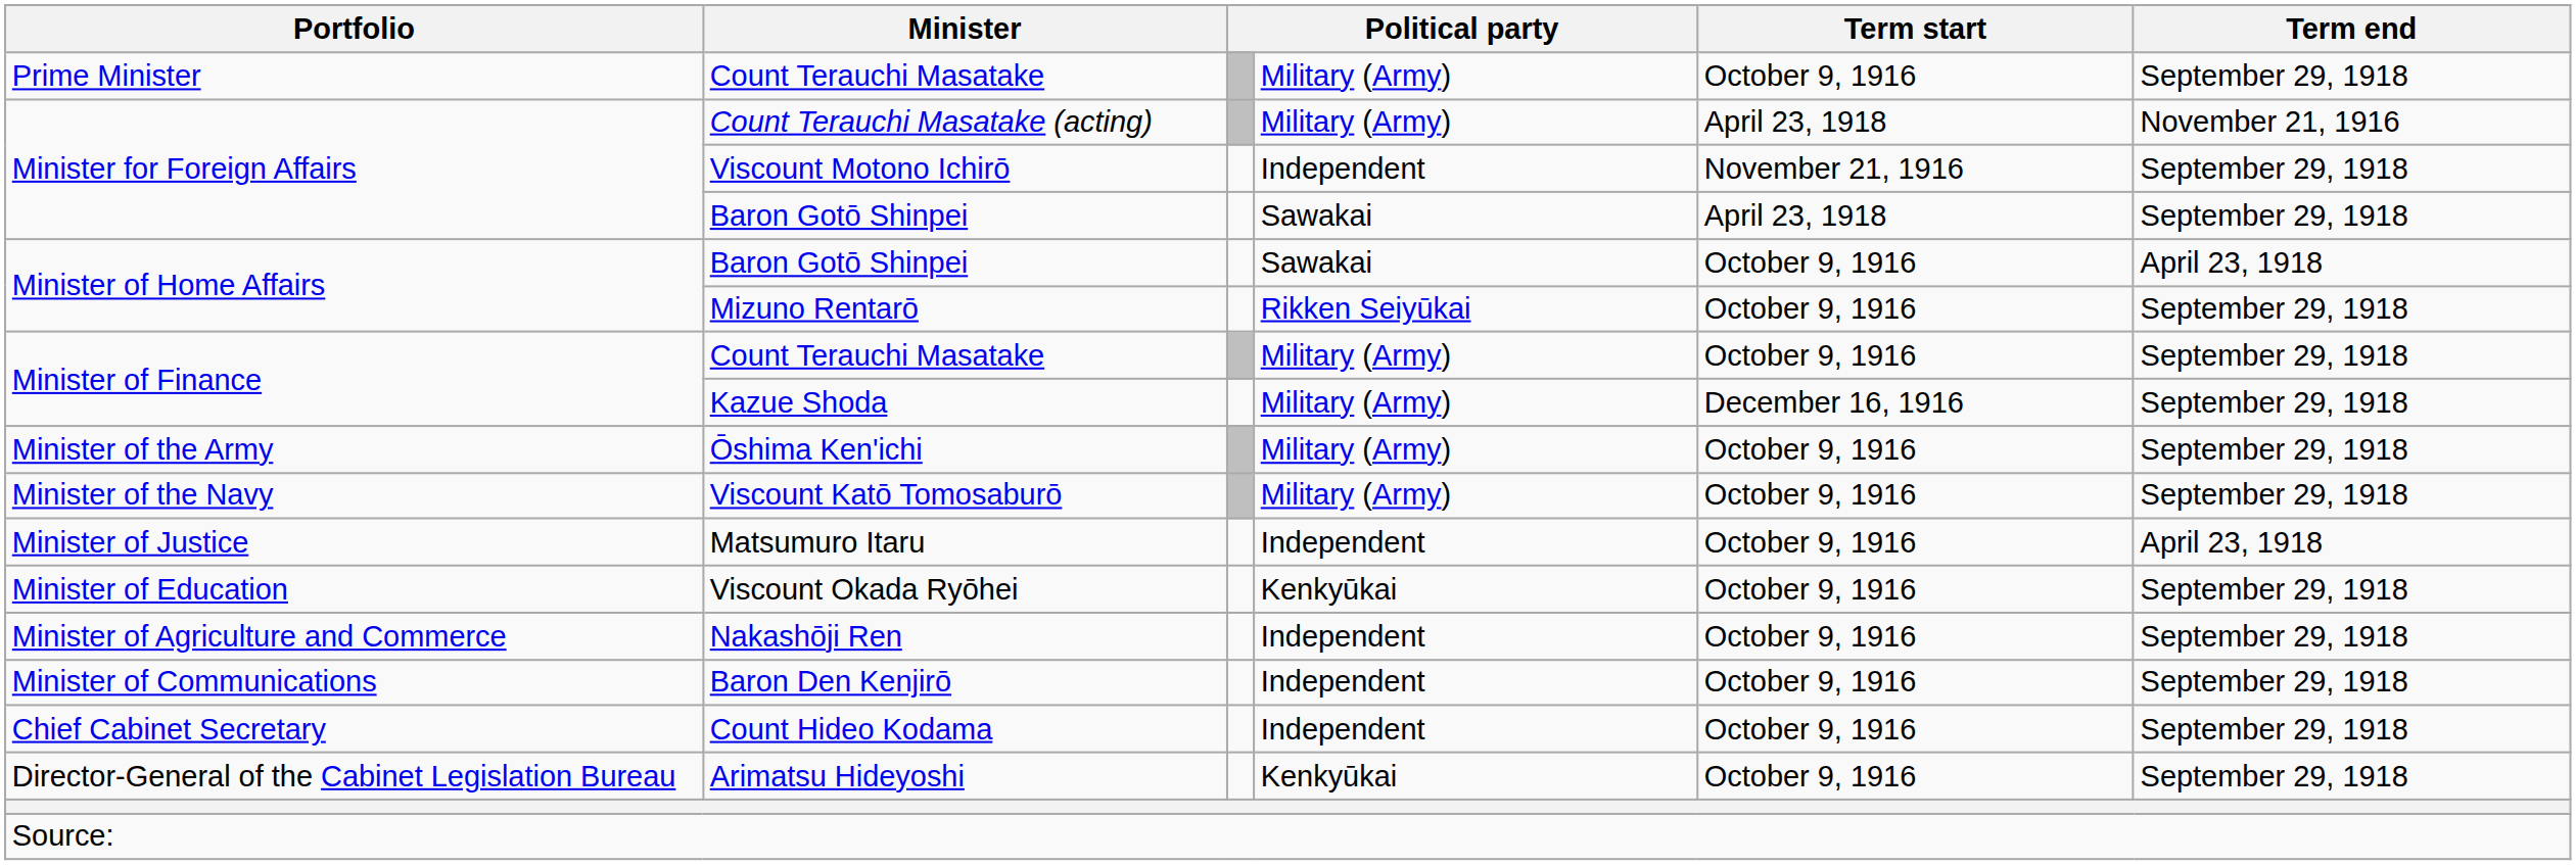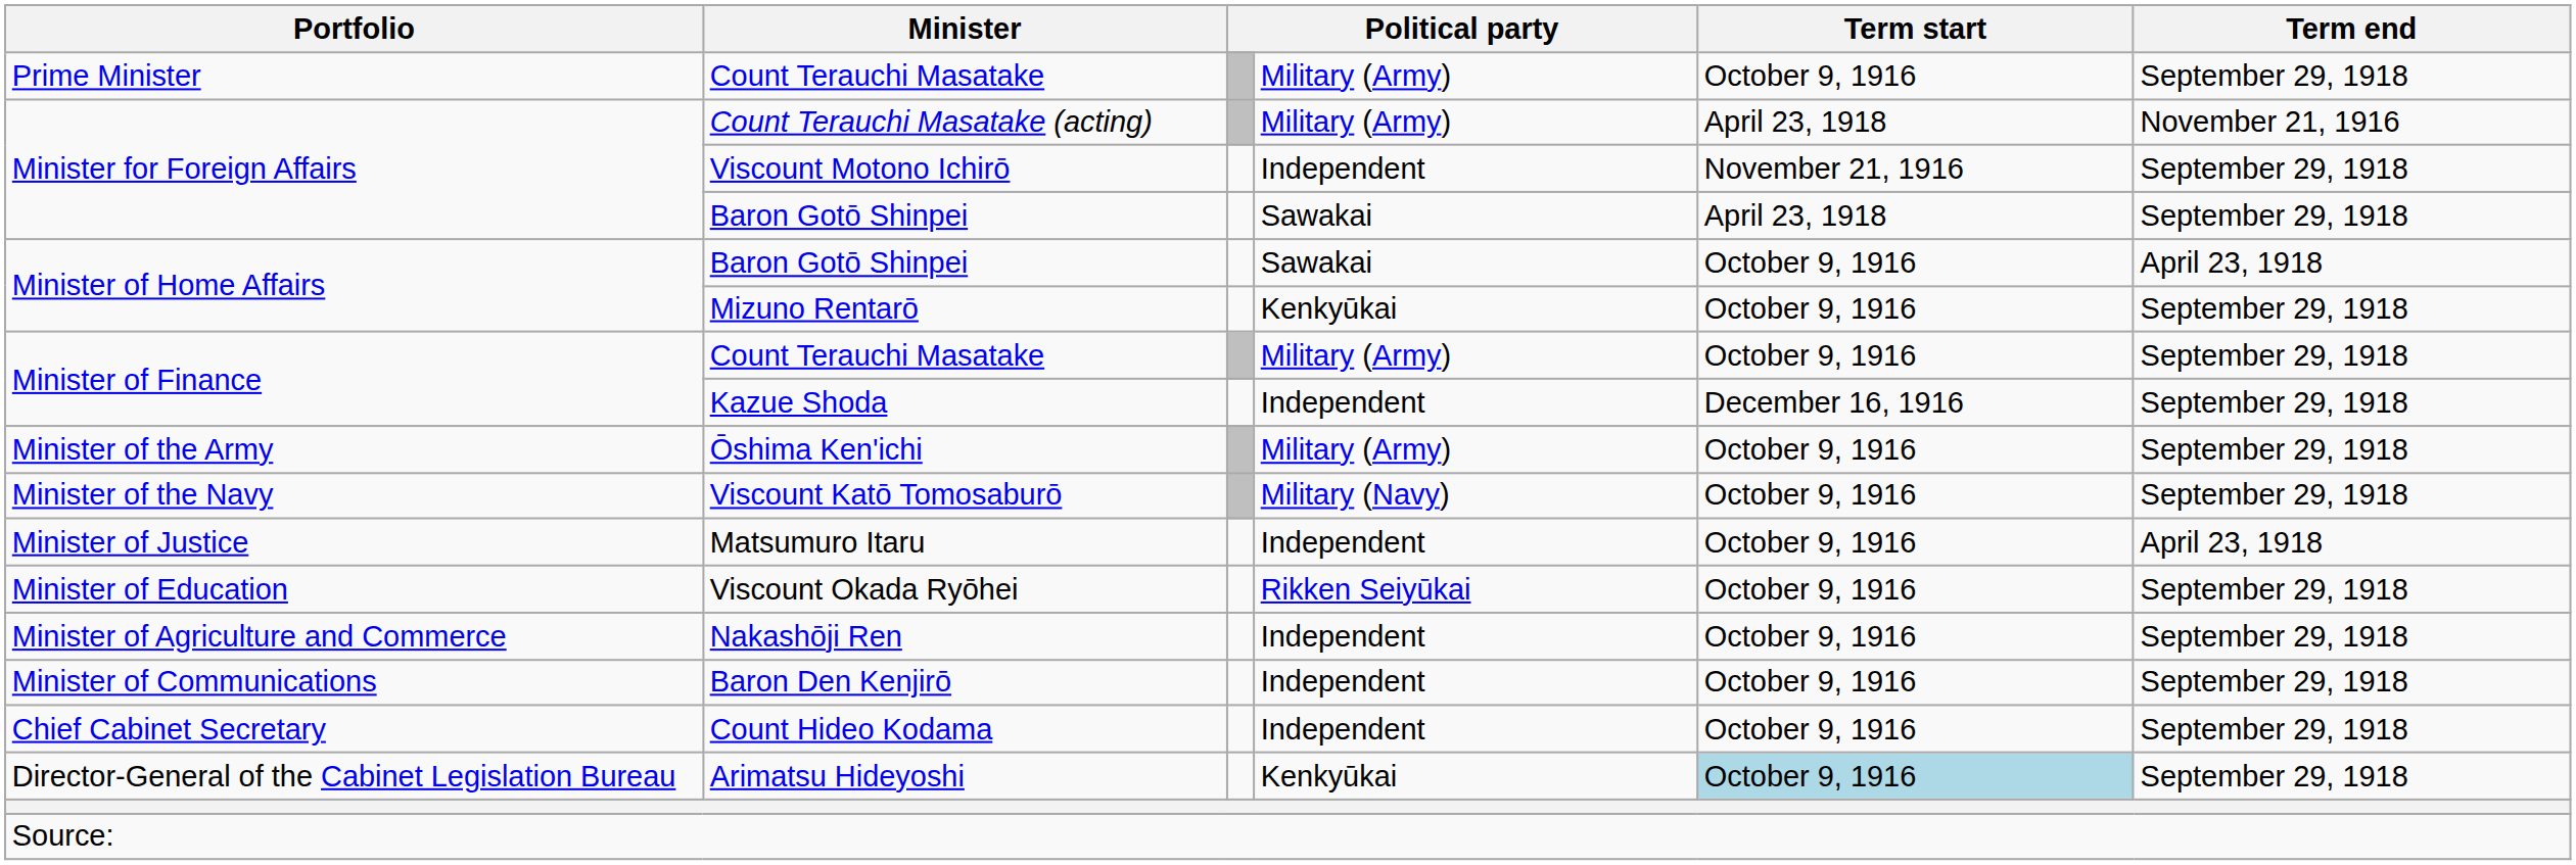 <table class="wikitable unsortable" style="font-size: 90%;">
 <tr>
 <th scope="col" width="20%">Portfolio</th>
 <th scope="col" width="15%">Minister</th>
 <th colspan="2" scope="col" width="13.5%">Political party</th>
 <th scope="col" width="12.5%">Term start</th>
 <th scope="col" width="12.5%">Term end</th>
 </tr>
 <tr>
 <td style="text-align: left;"><a href='#'>Prime Minister</a></td>
 <td><a href='#'>Count Terauchi Masatake</a></td>
 <td style="color:inherit;background:#bfbfbf"></td>
 <td><a href='#'>Military</a> (<a href='#'>Army</a>)</td>
 <td>October 9, 1916</td>
 <td>September 29, 1918</td>
 </tr>
 <tr>
 <td rowspan="3"><a href='#'>Minister for Foreign Affairs</a></td>
 <td><em><a href='#'>Count Terauchi Masatake</a> (acting)</em></td>
 <td style="color:inherit;background:#bfbfbf"></td>
 <td><a href='#'>Military</a> (<a href='#'>Army</a>)</td>
 <td>April 23, 1918</td>
 <td>November 21, 1916</td>
 </tr>
 <tr>
 <td><a href='#'>Viscount Motono Ichirō</a></td>
 <td style="color:inherit;background:"></td>
 <td>Independent</td>
 <td>November 21, 1916</td>
 <td>September 29, 1918</td>
 </tr>
 <tr>
 <td><a href='#'>Baron Gotō Shinpei</a></td>
 <td></td>
 <td>Sawakai</td>
 <td>April 23, 1918</td>
 <td>September 29, 1918</td>
 </tr>
 <tr>
 <td rowspan="2"><a href='#'>Minister of Home Affairs</a></td>
 <td><a href='#'>Baron Gotō Shinpei</a></td>
 <td></td>
 <td>Sawakai</td>
 <td>October 9, 1916</td>
 <td>April 23, 1918</td>
 </tr>
 <tr>
 <td><a href='#'>Mizuno Rentarō</a></td>
 <td style="color:inherit;background:"></td>
-<td><a href='#'>Rikken Seiyūkai</a></td>
+<td>Kenkyūkai</td>
 <td>October 9, 1916</td>
 <td>September 29, 1918</td>
 </tr>
 <tr>
 <td rowspan="2"><a href='#'>Minister of Finance</a></td>
 <td><a href='#'>Count Terauchi Masatake</a></td>
 <td style="color:inherit;background:#bfbfbf"></td>
 <td><a href='#'>Military</a> (<a href='#'>Army</a>)</td>
 <td>October 9, 1916</td>
 <td>September 29, 1918</td>
 </tr>
 <tr>
 <td><a href='#'>Kazue Shoda</a></td>
 <td style="color:inherit;background:"></td>
-<td><a href='#'>Military</a> (<a href='#'>Army</a>)</td>
+<td>Independent</td>
 <td>December 16, 1916</td>
 <td>September 29, 1918</td>
 </tr>
 <tr>
 <td><a href='#'>Minister of the Army</a></td>
 <td><a href='#'>Ōshima Ken'ichi</a></td>
 <td style="color:inherit;background:#bfbfbf"></td>
 <td><a href='#'>Military</a> (<a href='#'>Army</a>)</td>
 <td>October 9, 1916</td>
 <td>September 29, 1918</td>
 </tr>
 <tr>
 <td><a href='#'>Minister of the Navy</a></td>
 <td><a href='#'>Viscount Katō Tomosaburō</a></td>
 <td style="color:inherit;background:#bfbfbf"></td>
-<td><a href='#'>Military</a> (<a href='#'>Army</a>)</td>
+<td><a href='#'>Military</a> (<a href='#'>Navy</a>)</td>
 <td>October 9, 1916</td>
 <td>September 29, 1918</td>
 </tr>
 <tr>
 <td><a href='#'>Minister of Justice</a></td>
 <td>Matsumuro Itaru</td>
 <td style="color:inherit;background:"></td>
 <td>Independent</td>
 <td>October 9, 1916</td>
 <td>April 23, 1918</td>
 </tr>
 <tr>
 <td><a href='#'>Minister of Education</a></td>
 <td>Viscount Okada Ryōhei</td>
 <td></td>
-<td>Kenkyūkai</td>
+<td><a href='#'>Rikken Seiyūkai</a></td>
 <td>October 9, 1916</td>
 <td>September 29, 1918</td>
 </tr>
 <tr>
 <td><a href='#'>Minister of Agriculture and Commerce</a></td>
 <td><a href='#'>Nakashōji Ren</a></td>
 <td style="color:inherit;background:"></td>
 <td>Independent</td>
 <td>October 9, 1916</td>
 <td>September 29, 1918</td>
 </tr>
 <tr>
 <td><a href='#'>Minister of Communications</a></td>
 <td><a href='#'>Baron Den Kenjirō</a></td>
 <td style="color:inherit;background:"></td>
 <td>Independent</td>
 <td>October 9, 1916</td>
 <td>September 29, 1918</td>
 </tr>
 <tr>
 <td><a href='#'>Chief Cabinet Secretary</a></td>
 <td><a href='#'>Count Hideo Kodama</a></td>
 <td style="color:inherit;background:"></td>
 <td>Independent</td>
 <td>October 9, 1916</td>
 <td>September 29, 1918</td>
 </tr>
 <tr>
 <td>Director-General of the <a href='#'>Cabinet Legislation Bureau</a></td>
 <td><a href='#'>Arimatsu Hideyoshi</a></td>
 <td></td>
 <td>Kenkyūkai</td>
-<td>October 9, 1916</td>
+<td style="background: lightblue;">October 9, 1916</td>
 <td>September 29, 1918</td>
 </tr>
 <tr>
 <th colspan="6"></th>
 </tr>
 <tr>
 <td colspan="6">Source:</td>
 </tr>
 </table>
